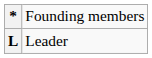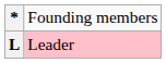 <table class="wikitable">
 <tr>
 <th>*</th>
 <td>Founding members</td>
 </tr>
 <tr>
 <th>L</th>
-<td>Leader</td>
+<td style="background: pink;">Leader</td>
 </tr>
 </table>
